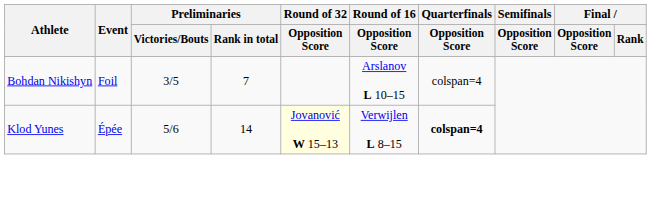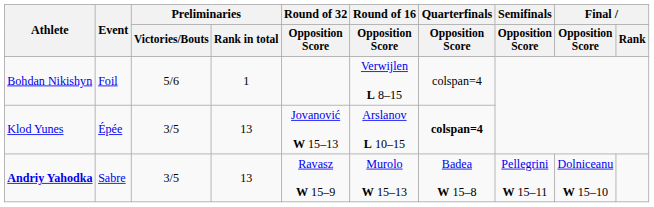 <table class="wikitable" style="font-size:90%">
 <tr>
 <th rowspan=2>Athlete</th>
 <th rowspan=2>Event</th>
 <th colspan=2>Preliminaries</th>
 <th>Round of 32</th>
 <th>Round of 16</th>
 <th>Quarterfinals</th>
 <th>Semifinals</th>
 <th colspan=2>Final / </th>
 </tr>
 <tr style="font-size:95%">
 <th>Victories/Bouts</th>
 <th>Rank in total</th>
 <th>Opposition<br>Score</th>
 <th>Opposition<br>Score</th>
 <th>Opposition<br>Score</th>
 <th>Opposition<br>Score</th>
 <th>Opposition<br>Score</th>
 <th>Rank</th>
 </tr>
 <tr align=center>
 <td align=left><a href='#'>Bohdan Nikishyn</a></td>
 <td style="text-align:left;"><a href='#'>Foil</a></td>
-<td>3/5</td>
-<td>7</td>
+<td>5/6</td>
+<td>1</td>
 <td></td>
-<td><a href='#'>Arslanov</a><br><br><strong>L</strong> 10–15</td>
+<td><a href='#'>Verwijlen</a><br><br><strong>L</strong> 8–15</td>
 <td>colspan=4 </td>
 </tr>
 <tr align=center>
 <td align=left><a href='#'>Klod Yunes</a></td>
 <td style="text-align:left;"><a href='#'>Épée</a></td>
-<td>5/6</td>
-<td>14</td>
-<td style="background: lightyellow;"><a href='#'>Jovanović</a><br><br><strong>W</strong> 15–13</td>
-<td><a href='#'>Verwijlen</a><br><br><strong>L</strong> 8–15</td>
+<td>3/5</td>
+<td>13</td>
+<td><a href='#'>Jovanović</a><br><br><strong>W</strong> 15–13</td>
+<td><a href='#'>Arslanov</a><br><br><strong>L</strong> 10–15</td>
 <td><strong>colspan=4 </strong></td>
 </tr>
+<tr align=center>
+<td align=left><strong><a href='#'>Andriy Yahodka</a></strong></td>
+<td style="text-align:left;"><a href='#'>Sabre</a></td>
+<td>3/5</td>
+<td>13</td>
+<td><a href='#'>Ravasz</a><br><br><strong>W</strong> 15–9</td>
+<td><a href='#'>Murolo</a><br><br><strong>W</strong> 15–13</td>
+<td><a href='#'>Badea</a><br><br><strong>W</strong> 15–8</td>
+<td><a href='#'>Pellegrini</a><br><br><strong>W</strong> 15–11</td>
+<td><a href='#'>Dolniceanu</a><br><br><strong>W</strong> 15–10</td>
+<td></td>
+</tr>
 </table>
